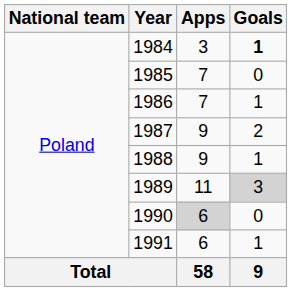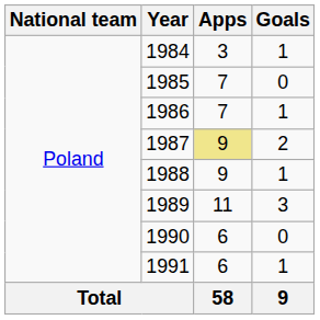 <table class="wikitable" style="text-align:center">
 <tr>
 <th>National team</th>
 <th>Year</th>
 <th>Apps</th>
 <th>Goals</th>
 </tr>
 <tr>
 <td rowspan="8"><a href='#'>Poland</a></td>
 <td>1984</td>
 <td>3</td>
-<td><strong>1</strong></td>
+<td>1</td>
 </tr>
 <tr>
 <td>1985</td>
 <td>7</td>
 <td>0</td>
 </tr>
 <tr>
 <td>1986</td>
 <td>7</td>
 <td>1</td>
 </tr>
 <tr>
 <td>1987</td>
-<td>9</td>
+<td style="background: khaki;">9</td>
 <td>2</td>
 </tr>
 <tr>
 <td>1988</td>
 <td>9</td>
 <td>1</td>
 </tr>
 <tr>
 <td>1989</td>
 <td>11</td>
-<td style="background: lightgrey;">3</td>
+<td>3</td>
 </tr>
 <tr>
 <td>1990</td>
-<td style="background: lightgrey;">6</td>
+<td>6</td>
 <td>0</td>
 </tr>
 <tr>
 <td>1991</td>
 <td>6</td>
 <td>1</td>
 </tr>
 <tr>
 <th colspan="2">Total</th>
 <th>58</th>
 <th>9</th>
 </tr>
 </table>
